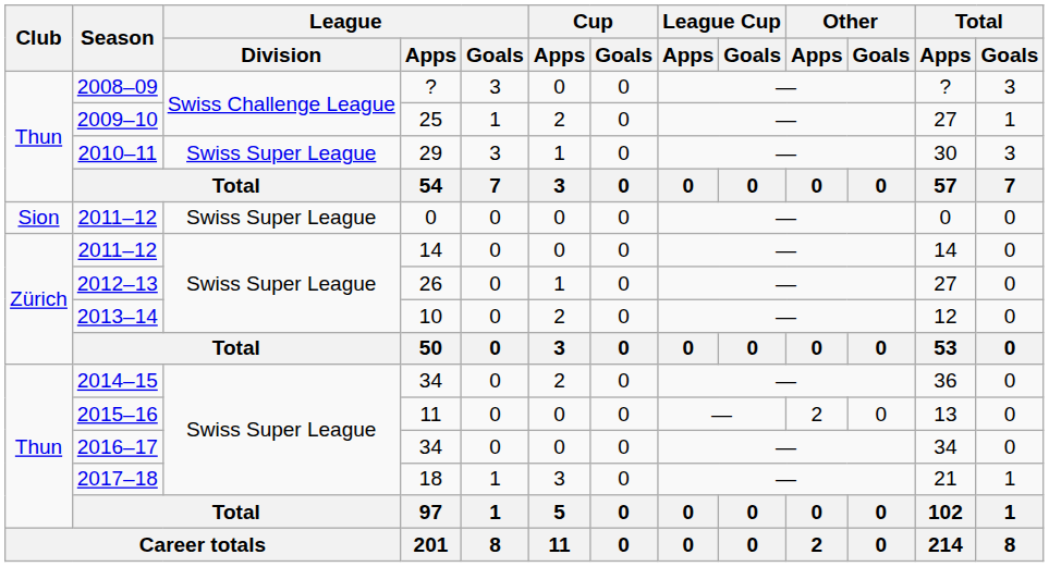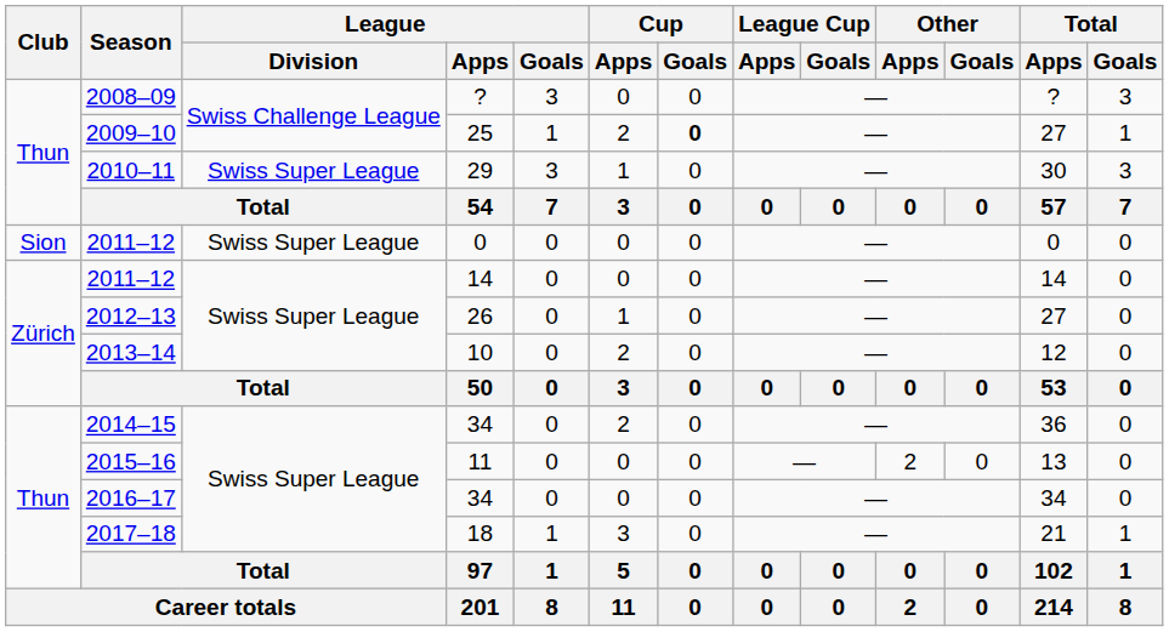 <table class="wikitable" style="font-size:90%; text-align: center">
 <tr>
 <th rowspan=2>Club</th>
 <th rowspan=2>Season</th>
 <th colspan=3>League</th>
 <th colspan=2>Cup</th>
 <th colspan=2>League Cup</th>
 <th colspan=2>Other</th>
 <th colspan=2>Total</th>
 </tr>
 <tr>
 <th>Division</th>
 <th>Apps</th>
 <th>Goals</th>
 <th>Apps</th>
 <th>Goals</th>
 <th>Apps</th>
 <th>Goals</th>
 <th>Apps</th>
 <th>Goals</th>
 <th>Apps</th>
 <th>Goals</th>
 </tr>
 <tr>
 <td rowspan=4><a href='#'>Thun</a></td>
 <td><a href='#'>2008–09</a></td>
 <td rowspan=2><a href='#'>Swiss Challenge League</a></td>
 <td>?</td>
 <td>3</td>
 <td>0</td>
 <td>0</td>
 <td colspan=4>—</td>
 <td>?</td>
 <td>3</td>
 </tr>
 <tr>
 <td><a href='#'>2009–10</a></td>
 <td>25</td>
 <td>1</td>
 <td>2</td>
-<td>0</td>
+<td><strong>0</strong></td>
 <td colspan=4>—</td>
 <td>27</td>
 <td>1</td>
 </tr>
 <tr>
 <td><a href='#'>2010–11</a></td>
 <td><a href='#'>Swiss Super League</a></td>
 <td>29</td>
 <td>3</td>
 <td>1</td>
 <td>0</td>
 <td colspan=4>—</td>
 <td>30</td>
 <td>3</td>
 </tr>
 <tr>
 <th colspan=2>Total</th>
 <th>54</th>
 <th>7</th>
 <th>3</th>
 <th>0</th>
 <th>0</th>
 <th>0</th>
 <th>0</th>
 <th>0</th>
 <th>57</th>
 <th>7</th>
 </tr>
 <tr>
 <td><a href='#'>Sion</a></td>
 <td><a href='#'>2011–12</a></td>
 <td>Swiss Super League</td>
 <td>0</td>
 <td>0</td>
 <td>0</td>
 <td>0</td>
 <td colspan=4>—</td>
 <td>0</td>
 <td>0</td>
 </tr>
 <tr>
 <td rowspan=4><a href='#'>Zürich</a></td>
 <td><a href='#'>2011–12</a></td>
 <td rowspan=3>Swiss Super League</td>
 <td>14</td>
 <td>0</td>
 <td>0</td>
 <td>0</td>
 <td colspan=4>—</td>
 <td>14</td>
 <td>0</td>
 </tr>
 <tr>
 <td><a href='#'>2012–13</a></td>
 <td>26</td>
 <td>0</td>
 <td>1</td>
 <td>0</td>
 <td colspan=4>—</td>
 <td>27</td>
 <td>0</td>
 </tr>
 <tr>
 <td><a href='#'>2013–14</a></td>
 <td>10</td>
 <td>0</td>
 <td>2</td>
 <td>0</td>
 <td colspan=4>—</td>
 <td>12</td>
 <td>0</td>
 </tr>
 <tr>
 <th colspan=2>Total</th>
 <th>50</th>
 <th>0</th>
 <th>3</th>
 <th>0</th>
 <th>0</th>
 <th>0</th>
 <th>0</th>
 <th>0</th>
 <th>53</th>
 <th>0</th>
 </tr>
 <tr>
 <td rowspan=5><a href='#'>Thun</a></td>
 <td><a href='#'>2014–15</a></td>
 <td rowspan=4>Swiss Super League</td>
 <td>34</td>
 <td>0</td>
 <td>2</td>
 <td>0</td>
 <td colspan=4>—</td>
 <td>36</td>
 <td>0</td>
 </tr>
 <tr>
 <td><a href='#'>2015–16</a></td>
 <td>11</td>
 <td>0</td>
 <td>0</td>
 <td>0</td>
 <td colspan=2>—</td>
 <td>2</td>
 <td>0</td>
 <td>13</td>
 <td>0</td>
 </tr>
 <tr>
 <td><a href='#'>2016–17</a></td>
 <td>34</td>
 <td>0</td>
 <td>0</td>
 <td>0</td>
 <td colspan=4>—</td>
 <td>34</td>
 <td>0</td>
 </tr>
 <tr>
 <td><a href='#'>2017–18</a></td>
 <td>18</td>
 <td>1</td>
 <td>3</td>
 <td>0</td>
 <td colspan=4>—</td>
 <td>21</td>
 <td>1</td>
 </tr>
 <tr>
 <th colspan=2>Total</th>
 <th>97</th>
 <th>1</th>
 <th>5</th>
 <th>0</th>
 <th>0</th>
 <th>0</th>
 <th>0</th>
 <th>0</th>
 <th>102</th>
 <th>1</th>
 </tr>
 <tr>
 <th colspan=3>Career totals</th>
 <th>201</th>
 <th>8</th>
 <th>11</th>
 <th>0</th>
 <th>0</th>
 <th>0</th>
 <th>2</th>
 <th>0</th>
 <th>214</th>
 <th>8</th>
 </tr>
 </table>
